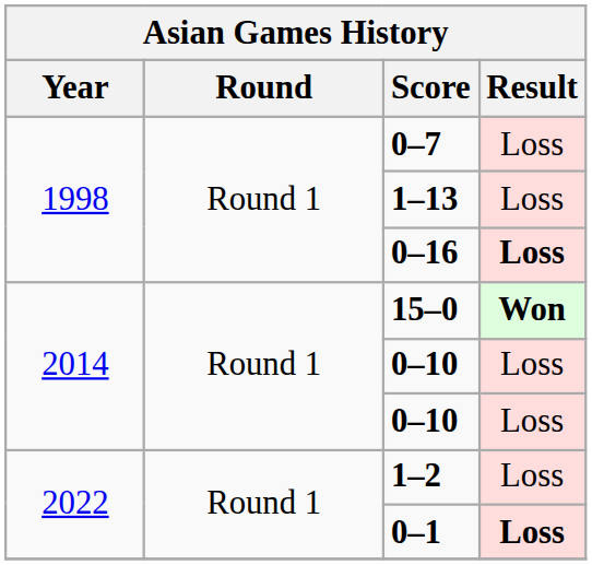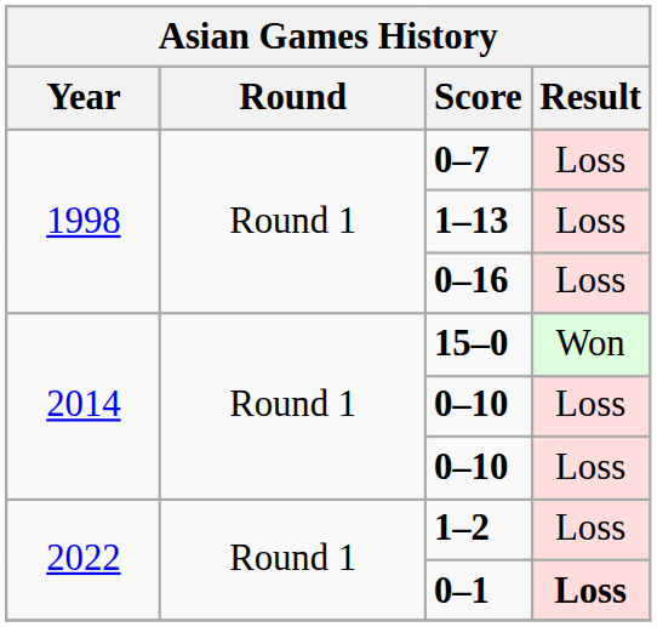 <table class="wikitable" style="text-align: center;font-size:85%;">
 <tr>
 <th colspan="4" #013A5E; color: #FFFFFF;>Asian Games History</th>
 </tr>
 <tr>
 <th style="width:50px;" #0000FF;>Year</th>
 <th style="width:90px;" #0000FF;>Round</th>
 <th #0000FF;>Score</th>
 <th #0000FF;>Result</th>
 </tr>
 <tr>
 <td rowspan=3><a href='#'>1998</a></td>
 <td rowspan=3>Round 1</td>
 <td align="left"> <strong>0–7</strong> </td>
 <td style="background:#fdd;">Loss</td>
 </tr>
 <tr>
 <td align="left"> <strong>1–13</strong> </td>
 <td style="background:#fdd;">Loss</td>
 </tr>
 <tr>
 <td align="left"> <strong>0–16</strong> </td>
-<td style="background:#fdd;"><strong>Loss</strong></td>
+<td style="background:#fdd;">Loss</td>
 </tr>
 <tr>
 <td rowspan=3><a href='#'>2014</a></td>
 <td rowspan=3>Round 1</td>
 <td align="left"> <strong>15–0</strong> </td>
-<td style="background:#dfd;"><strong>Won</strong></td>
+<td style="background:#dfd;">Won</td>
 </tr>
 <tr>
 <td align="left"> <strong>0–10</strong> </td>
 <td style="background:#fdd;">Loss</td>
 </tr>
 <tr>
 <td align="left"> <strong>0–10</strong> </td>
 <td style="background:#fdd;">Loss</td>
 </tr>
 <tr>
 <td rowspan=2><a href='#'>2022</a></td>
 <td rowspan=2>Round 1</td>
 <td align="left"> <strong>1–2</strong> </td>
 <td style="background:#fdd;">Loss</td>
 </tr>
 <tr>
 <td align="left"> <strong>0–1</strong> </td>
 <td style="background:#fdd;"><strong>Loss</strong></td>
 </tr>
 <tr>
 </tr>
 </table>
